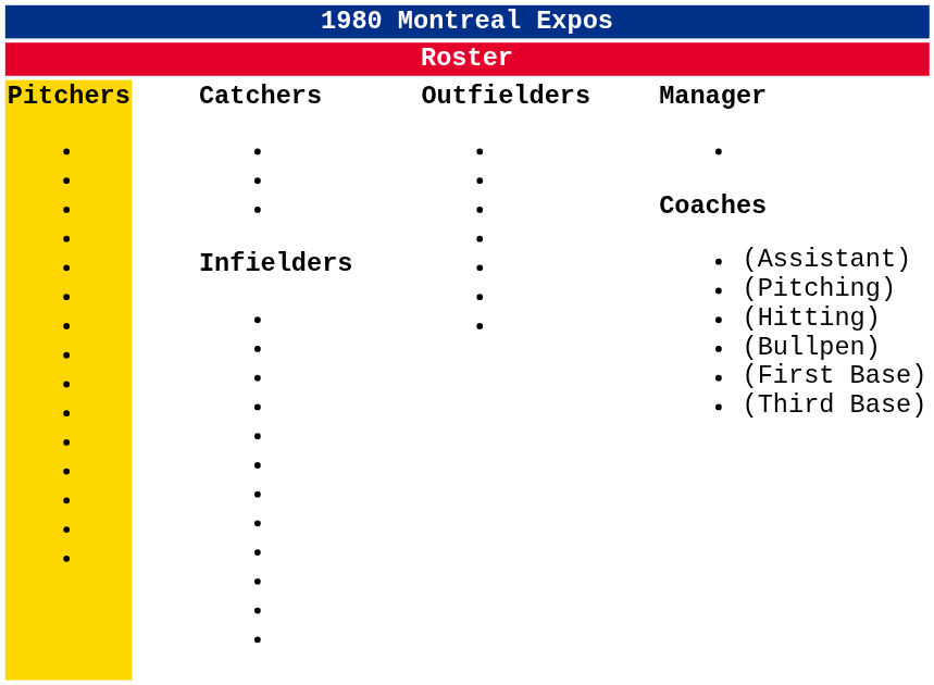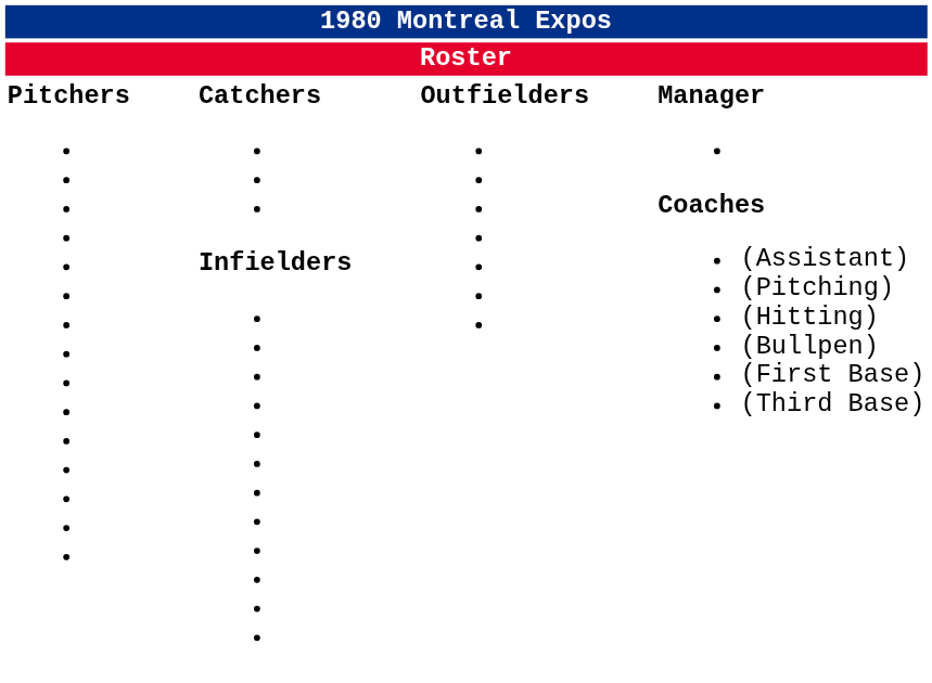 <table class="toccolours" style="font-size: 95%;">
 <tr>
 <th colspan="10" style="background-color: #003087; color: #FFFFFF; text-align: center;">1980 Montreal Expos</th>
 </tr>
 <tr>
 <td colspan="10" style="background-color: #E4002B; color: #FFFFFF; text-align: center;"><strong>Roster</strong></td>
 </tr>
 <tr>
-<td valign="top" style="background: gold;"><strong>Pitchers</strong><br><ul><li></li><li></li><li></li><li></li><li></li><li></li><li></li><li></li><li></li><li></li><li></li><li></li><li></li><li></li><li></li></ul></td>
+<td valign="top"><strong>Pitchers</strong><br><ul><li></li><li></li><li></li><li></li><li></li><li></li><li></li><li></li><li></li><li></li><li></li><li></li><li></li><li></li><li></li></ul></td>
 <td width="25px"></td>
 <td valign="top"><strong>Catchers</strong><br><ul><li></li><li></li><li></li></ul><strong>Infielders</strong><ul><li></li><li></li><li></li><li></li><li></li><li></li><li></li><li></li><li></li><li></li><li></li><li></li></ul></td>
 <td width="25px"></td>
 <td valign="top"><strong>Outfielders</strong><br><ul><li></li><li></li><li></li><li></li><li></li><li></li><li></li></ul></td>
 <td width="25px"></td>
 <td valign="top"><strong>Manager</strong><br><ul><li></li></ul><strong>Coaches</strong><ul><li> (Assistant)</li><li> (Pitching)</li><li> (Hitting)</li><li> (Bullpen)</li><li> (First Base)</li><li> (Third Base)</li></ul></td>
 </tr>
 </table>
